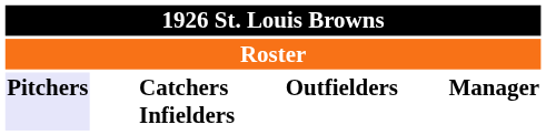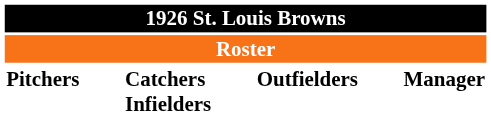 <table class="toccolours" style="font-size: 95%;">
 <tr>
 <th colspan="10" style="background-color: black; color: white; text-align: center;">1926 St. Louis Browns</th>
 </tr>
 <tr>
 <td colspan="10" style="background-color: #F87217; color: white; text-align: center;"><strong>Roster</strong></td>
 </tr>
 <tr>
-<td valign="top" style="background: lavender;"><strong>Pitchers</strong><br>           </td>
+<td valign="top"><strong>Pitchers</strong><br>           </td>
 <td width="25px"></td>
 <td valign="top"><strong>Catchers</strong><br>   <strong>Infielders</strong>       </td>
 <td width="25px"></td>
 <td valign="top"><strong>Outfielders</strong><br>     </td>
 <td width="25px"></td>
 <td valign="top"><strong>Manager</strong><br></td>
 </tr>
 <tr>
 </tr>
 </table>
